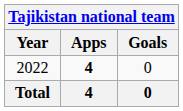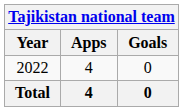 <table class="wikitable" style="text-align:center">
 <tr>
 <th colspan=3><a href='#'>Tajikistan national team</a></th>
 </tr>
 <tr>
 <th>Year</th>
 <th>Apps</th>
 <th>Goals</th>
 </tr>
 <tr>
 <td>2022</td>
-<td><strong>4</strong></td>
+<td>4</td>
 <td>0</td>
 </tr>
 <tr>
 <th>Total</th>
 <th>4</th>
 <th>0</th>
 </tr>
 </table>
